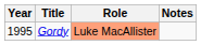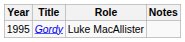 <table class="wikitable sortable">
 <tr>
 <th>Year</th>
 <th>Title</th>
 <th>Role</th>
 <th class="unsortable">Notes</th>
 </tr>
 <tr>
 <td rowspan="2">1995</td>
 <td><em><a href='#'>Gordy</a></em></td>
-<td style="background: lightsalmon;">Luke MacAllister</td>
+<td>Luke MacAllister</td>
 <td></td>
 </tr>
 </table>
